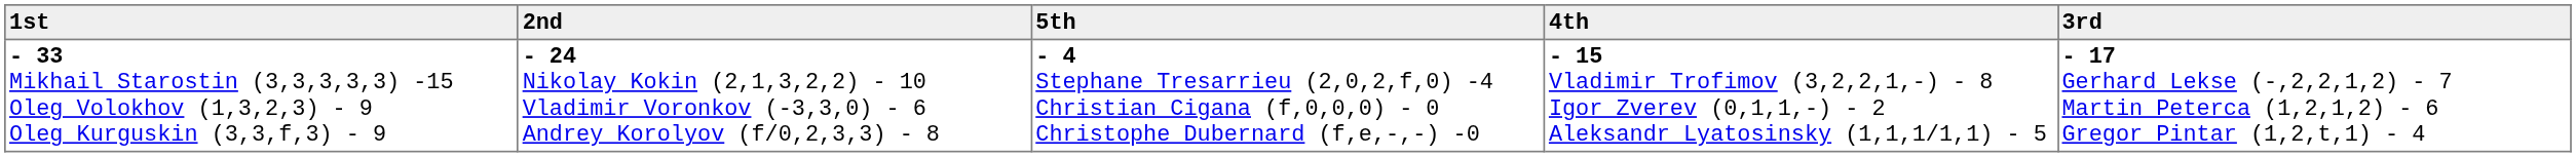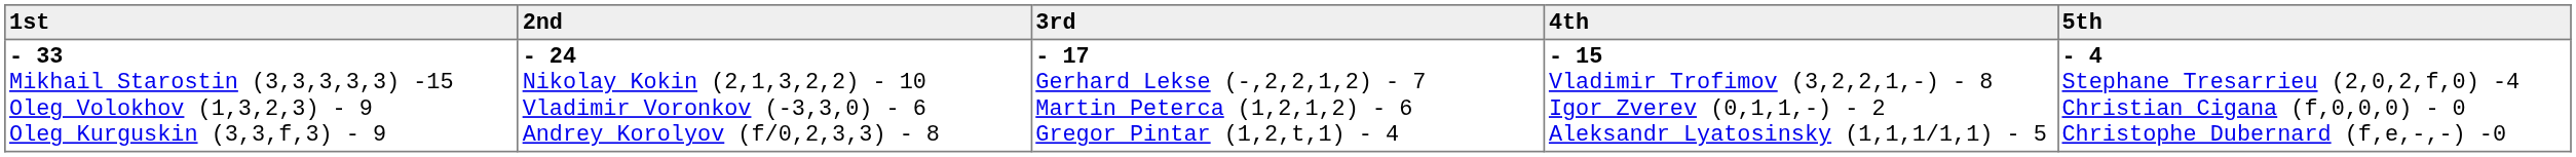 <table border=1 cellpadding=2 cellspacing=0 width=75% style="border-collapse:collapse">
 <tr align=left style="background:#efefef;">
 <th width=15%>1st</th>
 <th width=15%>2nd</th>
+<th width=15%>3rd</th>
+<th width=15%>4th</th>
 <th width=15%>5th</th>
-<th width=15%>4th</th>
-<th width=15%>3rd</th>
 </tr>
 <tr align=left>
 <td valign=top align=left><strong> - 33</strong><br><a href='#'>Mikhail Starostin</a> (3,3,3,3,3) -15<br><a href='#'>Oleg Volokhov</a> (1,3,2,3) - 9<br><a href='#'>Oleg Kurguskin</a> (3,3,f,3) - 9</td>
 <td valign=top align=left><strong> - 24</strong><br><a href='#'>Nikolay Kokin</a> (2,1,3,2,2) - 10<br><a href='#'>Vladimir Voronkov</a> (-3,3,0) - 6<br><a href='#'>Andrey Korolyov</a> (f/0,2,3,3) - 8</td>
+<td valign=top align=left><strong> - 17</strong><br><a href='#'>Gerhard Lekse</a> (-,2,2,1,2) - 7<br><a href='#'>Martin Peterca</a> (1,2,1,2) - 6<br><a href='#'>Gregor Pintar</a> (1,2,t,1) - 4</td>
+<td valign=top align=left><strong> - 15</strong><br><a href='#'>Vladimir Trofimov</a> (3,2,2,1,-) - 8<br><a href='#'>Igor Zverev</a> (0,1,1,-) - 2<br><a href='#'>Aleksandr Lyatosinsky</a> (1,1,1/1,1) - 5</td>
 <td valign=top align=left><strong> - 4</strong><br><a href='#'>Stephane Tresarrieu</a> (2,0,2,f,0) -4<br><a href='#'>Christian Cigana</a> (f,0,0,0) - 0<br><a href='#'>Christophe Dubernard</a> (f,e,-,-) -0</td>
-<td valign=top align=left><strong> - 15</strong><br><a href='#'>Vladimir Trofimov</a> (3,2,2,1,-) - 8<br><a href='#'>Igor Zverev</a> (0,1,1,-) - 2<br><a href='#'>Aleksandr Lyatosinsky</a> (1,1,1/1,1) - 5</td>
-<td valign=top align=left><strong> - 17</strong><br><a href='#'>Gerhard Lekse</a> (-,2,2,1,2) - 7<br><a href='#'>Martin Peterca</a> (1,2,1,2) - 6<br><a href='#'>Gregor Pintar</a> (1,2,t,1) - 4</td>
 </tr>
 </table>
